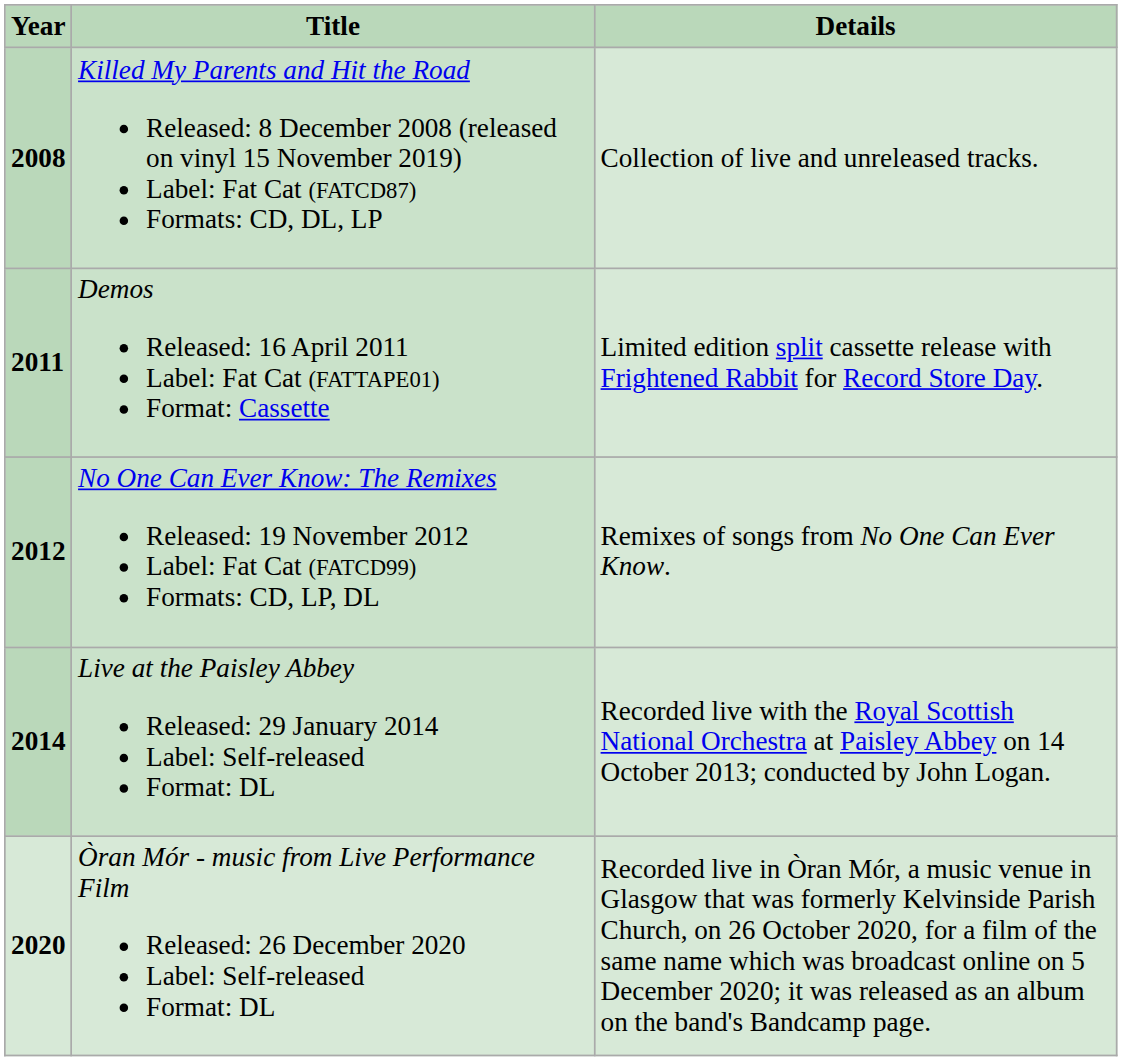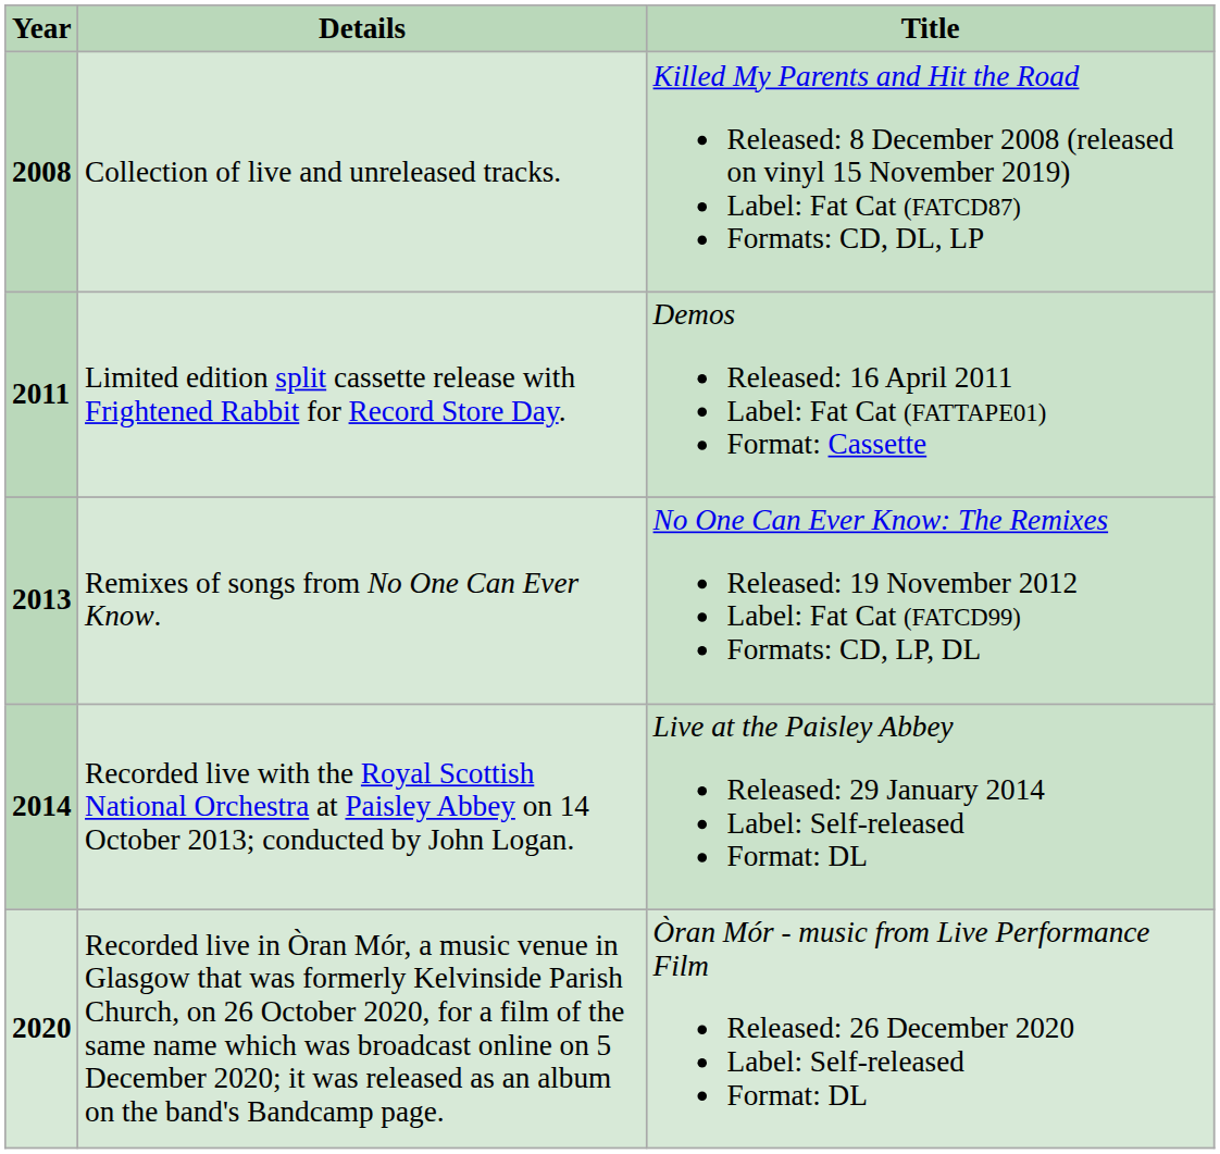 <table class="wikitable" style="background: #d7e9d7; text-align:left;">
 <tr>
 <th width="15" style="background: #bad8ba">Year</th>
+<th width="300" style="background: #bad8ba">Details</th>
 <th width="300" style="background: #bad8ba">Title</th>
-<th width="300" style="background: #bad8ba">Details</th>
 </tr>
 <tr>
 <td style="background: #bad8ba"><strong>2008</strong></td>
+<td>Collection of live and unreleased tracks.</td>
 <td style="background: #cae2ca" align="left"><em><a href='#'>Killed My Parents and Hit the Road</a></em><br><ul><li>Released: 8 December 2008 (released on vinyl 15 November 2019)</li><li>Label: Fat Cat <small>(FATCD87)</small></li><li>Formats: CD, DL, LP</li></ul></td>
-<td>Collection of live and unreleased tracks.</td>
 </tr>
 <tr>
 <td style="background: #bad8ba"><strong>2011</strong></td>
+<td>Limited edition <a href='#'>split</a> cassette release with <a href='#'>Frightened Rabbit</a> for <a href='#'>Record Store Day</a>.<br></td>
 <td style="background: #cae2ca" align="left"><em>Demos</em><br><ul><li>Released: 16 April 2011</li><li>Label: Fat Cat <small>(FATTAPE01)</small></li><li>Format: <a href='#'>Cassette</a></li></ul></td>
-<td>Limited edition <a href='#'>split</a> cassette release with <a href='#'>Frightened Rabbit</a> for <a href='#'>Record Store Day</a>.<br></td>
 </tr>
 <tr>
-<td style="background: #bad8ba"><strong>2012</strong></td>
+<td style="background: #bad8ba"><strong>2013</strong></td>
+<td>Remixes of songs from <em>No One Can Ever Know</em>.</td>
 <td style="background: #cae2ca" align="left"><em><a href='#'>No One Can Ever Know: The Remixes</a></em><br><ul><li>Released: 19 November 2012</li><li>Label: Fat Cat <small>(FATCD99)</small></li><li>Formats: CD, LP, DL</li></ul></td>
-<td>Remixes of songs from <em>No One Can Ever Know</em>.</td>
 </tr>
 <tr>
 <td style="background: #bad8ba"><strong>2014</strong></td>
+<td>Recorded live with the <a href='#'>Royal Scottish National Orchestra</a> at <a href='#'>Paisley Abbey</a> on 14 October 2013; conducted by John Logan.<br></td>
 <td style="background: #cae2ca" align="left"><em>Live at the Paisley Abbey</em><br><ul><li>Released: 29 January 2014</li><li>Label: Self-released</li><li>Format: DL</li></ul></td>
-<td>Recorded live with the <a href='#'>Royal Scottish National Orchestra</a> at <a href='#'>Paisley Abbey</a> on 14 October 2013; conducted by John Logan.<br></td>
 </tr>
 <tr>
 <td><strong>2020</strong></td>
+<td>Recorded live in Òran Mór, a music venue in Glasgow that was formerly Kelvinside Parish Church, on 26 October 2020, for a film of the same name which was broadcast online on 5 December 2020; it was released as an album on the band's Bandcamp page.<br></td>
 <td><em>Òran Mór - music from Live Performance Film</em><br><ul><li>Released: 26 December 2020</li><li>Label: Self-released</li><li>Format: DL</li></ul></td>
-<td>Recorded live in Òran Mór, a music venue in Glasgow that was formerly Kelvinside Parish Church, on 26 October 2020, for a film of the same name which was broadcast online on 5 December 2020; it was released as an album on the band's Bandcamp page.<br></td>
 </tr>
 </table>
